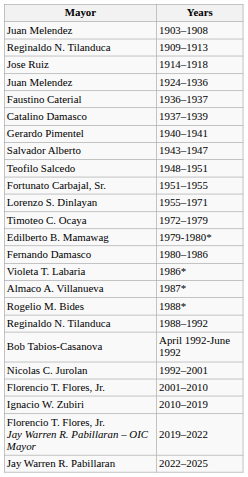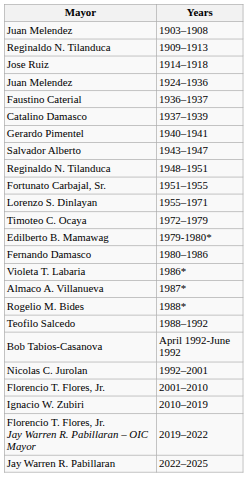 <table class="wikitable floatright" style="max-width: 22em">
 <tr>
 <th>Mayor</th>
 <th>Years</th>
 </tr>
 <tr>
 <td>Juan Melendez</td>
 <td>1903–1908</td>
 </tr>
 <tr>
 <td>Reginaldo N. Tilanduca</td>
 <td>1909–1913</td>
 </tr>
 <tr>
 <td>Jose Ruiz</td>
 <td>1914–1918</td>
 </tr>
 <tr>
 <td>Juan Melendez</td>
 <td>1924–1936</td>
 </tr>
 <tr>
 <td>Faustino Caterial</td>
 <td>1936–1937</td>
 </tr>
 <tr>
 <td>Catalino Damasco</td>
 <td>1937–1939</td>
 </tr>
 <tr>
 <td>Gerardo Pimentel</td>
 <td>1940–1941</td>
 </tr>
 <tr>
 <td>Salvador Alberto</td>
 <td>1943–1947</td>
 </tr>
 <tr>
-<td>Teofilo Salcedo</td>
+<td>Reginaldo N. Tilanduca</td>
 <td>1948–1951</td>
 </tr>
 <tr>
 <td>Fortunato Carbajal, Sr.</td>
 <td>1951–1955</td>
 </tr>
 <tr>
 <td>Lorenzo S. Dinlayan</td>
 <td>1955–1971</td>
 </tr>
 <tr>
 <td>Timoteo C. Ocaya</td>
 <td>1972–1979</td>
 </tr>
 <tr>
 <td>Edilberto B. Mamawag</td>
 <td>1979-1980*</td>
 </tr>
 <tr>
 <td>Fernando Damasco</td>
 <td>1980–1986</td>
 </tr>
 <tr>
 <td>Violeta T. Labaria</td>
 <td>1986*</td>
 </tr>
 <tr>
 <td>Almaco A. Villanueva</td>
 <td>1987*</td>
 </tr>
 <tr>
 <td>Rogelio M. Bides</td>
 <td>1988*</td>
 </tr>
 <tr>
-<td>Reginaldo N. Tilanduca</td>
+<td>Teofilo Salcedo</td>
 <td>1988–1992</td>
 </tr>
 <tr>
 <td>Bob Tabios-Casanova</td>
 <td>April 1992-June 1992</td>
 </tr>
 <tr>
 <td>Nicolas C. Jurolan</td>
 <td>1992–2001</td>
 </tr>
 <tr>
 <td>Florencio T. Flores, Jr.</td>
 <td>2001–2010</td>
 </tr>
 <tr>
 <td>Ignacio W. Zubiri</td>
 <td>2010–2019</td>
 </tr>
 <tr>
 <td>Florencio T. Flores, Jr. <br> <em>Jay Warren R. Pabillaran – OIC Mayor</em></td>
 <td>2019–2022</td>
 </tr>
 <tr>
 <td>Jay Warren R. Pabillaran</td>
 <td>2022–2025</td>
 </tr>
 </table>
